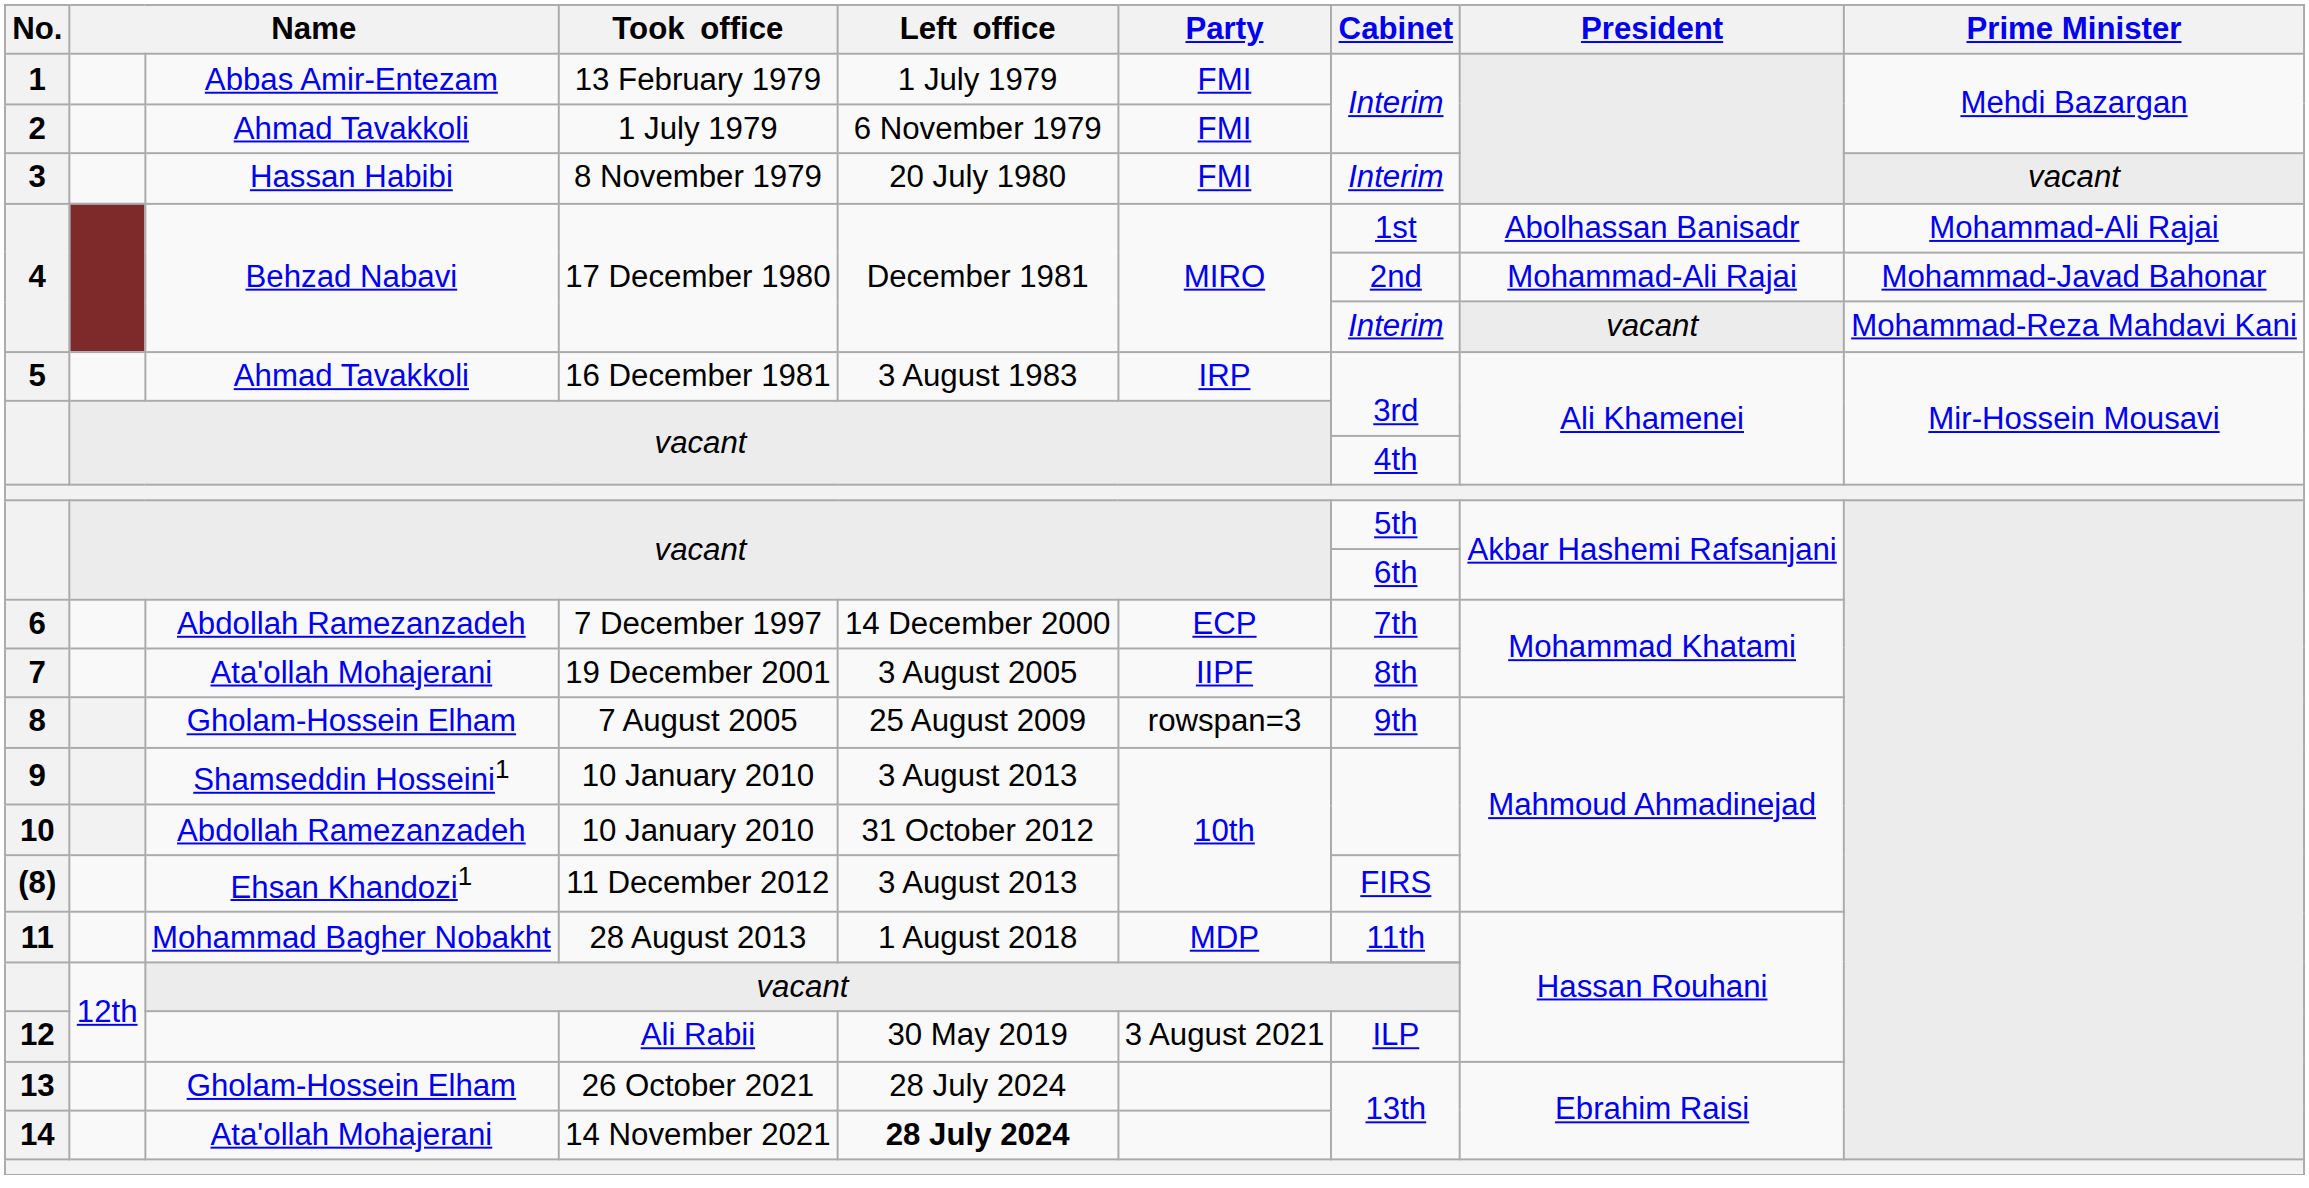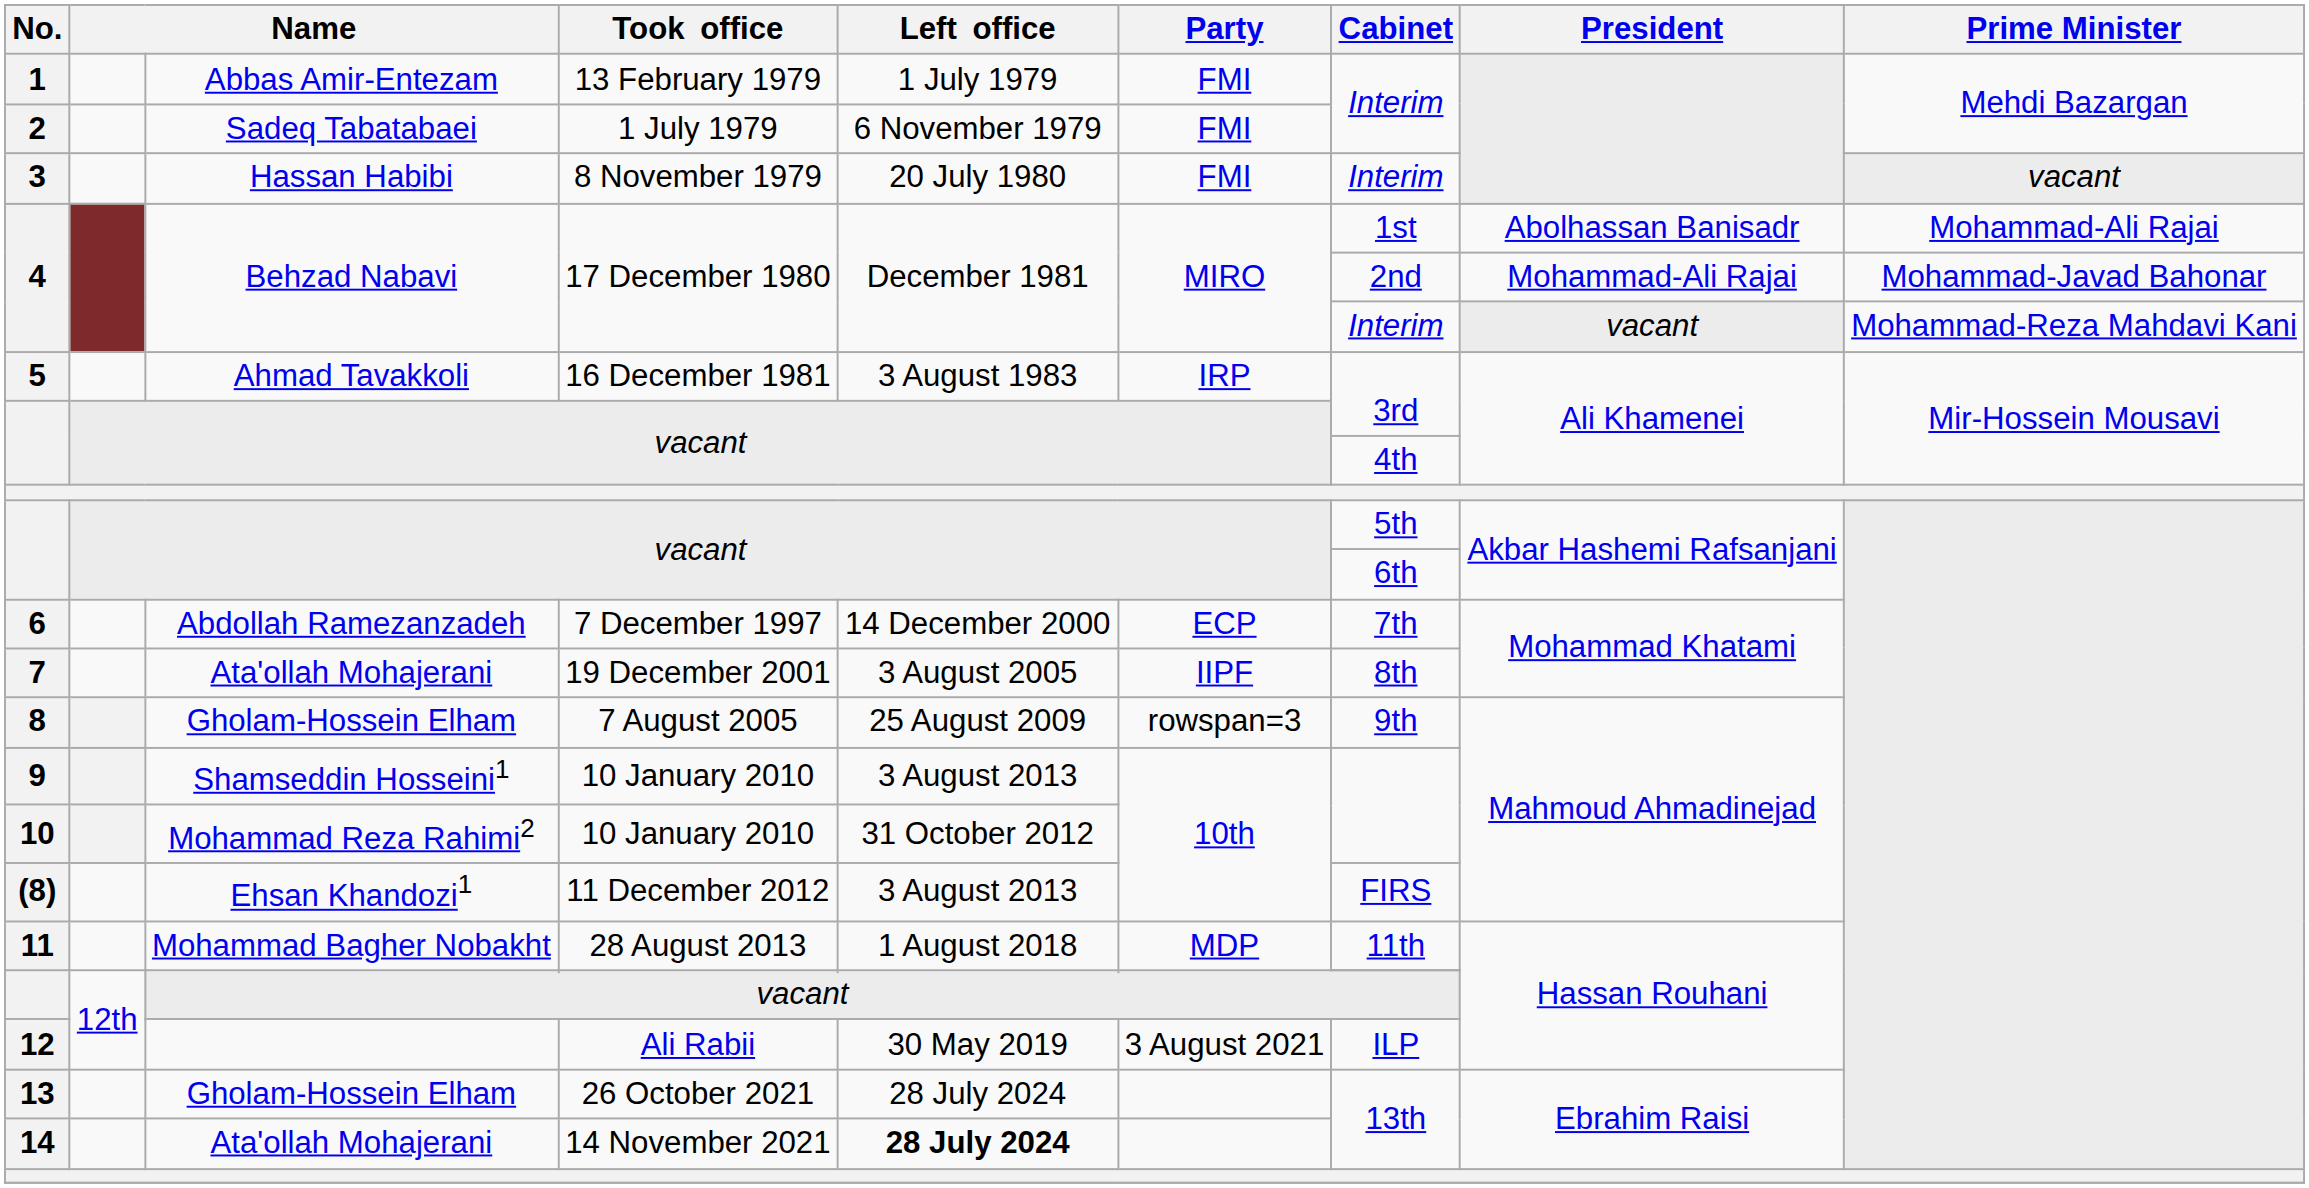 <table class="wikitable" style="text-align:center">
 <tr>
 <th>No.</th>
 <th colspan=2>Name</th>
 <th>Took office</th>
 <th>Left office</th>
 <th><a href='#'>Party</a></th>
 <th><a href='#'>Cabinet</a></th>
 <th><a href='#'>President</a></th>
 <th><a href='#'>Prime Minister</a></th>
 </tr>
 <tr>
 <th>1</th>
 <td style="background:"></td>
 <td><a href='#'>Abbas Amir-Entezam</a></td>
 <td>13 February 1979</td>
 <td>1 July 1979</td>
 <td><a href='#'>FMI</a></td>
 <td rowspan=2><a href='#'><em>Interim</em></a></td>
 <td style="background-color: #ececec" rowspan=3></td>
 <td rowspan=2><a href='#'>Mehdi Bazargan</a></td>
 </tr>
 <tr>
 <th>2</th>
 <td style="background:"></td>
-<td><a href='#'>Ahmad Tavakkoli</a></td>
+<td><a href='#'>Sadeq Tabatabaei</a></td>
 <td>1 July 1979</td>
 <td>6 November 1979</td>
 <td><a href='#'>FMI</a></td>
 </tr>
 <tr>
 <th>3</th>
 <td style="background:"></td>
 <td><a href='#'>Hassan Habibi</a></td>
 <td>8 November 1979</td>
 <td>20 July 1980</td>
 <td><a href='#'>FMI</a></td>
 <td><a href='#'><em>Interim</em></a></td>
 <td style="background-color: #ececec"><em>vacant</em></td>
 </tr>
 <tr>
 <th rowspan=3>4</th>
 <td style="background:#7e2a2a;" rowspan=3></td>
 <td rowspan=3><a href='#'>Behzad Nabavi</a></td>
 <td rowspan=3>17 December 1980</td>
 <td rowspan=3>December 1981</td>
 <td rowspan=3><a href='#'>MIRO</a></td>
 <td><a href='#'>1st</a></td>
 <td><a href='#'>Abolhassan Banisadr</a></td>
 <td><a href='#'>Mohammad-Ali Rajai</a></td>
 </tr>
 <tr>
 <td><a href='#'>2nd</a></td>
 <td><a href='#'>Mohammad-Ali Rajai</a></td>
 <td><a href='#'>Mohammad-Javad Bahonar</a></td>
 </tr>
 <tr>
 <td><a href='#'><em>Interim</em></a></td>
 <td style="background-color: #ececec"><em>vacant</em></td>
 <td><a href='#'>Mohammad-Reza Mahdavi Kani</a></td>
 </tr>
 <tr>
 <th>5</th>
 <td style="background:"></td>
 <td><a href='#'>Ahmad Tavakkoli</a></td>
 <td>16 December 1981</td>
 <td>3 August 1983</td>
 <td><a href='#'>IRP</a></td>
 <td rowspan=2><a href='#'><br>3rd</a></td>
 <td rowspan=3><a href='#'>Ali Khamenei</a></td>
 <td rowspan=3><a href='#'>Mir-Hossein Mousavi</a></td>
 </tr>
 <tr>
 <th rowspan=2></th>
 <td style="background-color: #ececec" rowspan=2 colspan=5><em>vacant</em></td>
 </tr>
 <tr>
 <td><a href='#'>4th</a></td>
 </tr>
 <tr>
 <th colspan=9></th>
 </tr>
 <tr>
 <th rowspan=2></th>
 <td style="background-color: #ececec" rowspan=2 colspan=5><em>vacant</em></td>
 <td><a href='#'>5th</a></td>
 <td rowspan=2><a href='#'>Akbar Hashemi Rafsanjani</a></td>
 <td style="background-color: #ececec" rowspan=14></td>
 </tr>
 <tr>
 <td><a href='#'>6th</a></td>
 </tr>
 <tr>
 <th>6</th>
 <td style="background:"></td>
 <td><a href='#'>Abdollah Ramezanzadeh</a></td>
 <td>7 December 1997</td>
 <td>14 December 2000</td>
 <td><a href='#'>ECP</a></td>
 <td><a href='#'>7th</a></td>
 <td rowspan=2><a href='#'>Mohammad Khatami</a></td>
 </tr>
 <tr>
 <th>7</th>
 <td style="background:"></td>
 <td><a href='#'>Ata'ollah Mohajerani</a></td>
 <td>19 December 2001</td>
 <td>3 August 2005</td>
 <td><a href='#'>IIPF</a></td>
 <td><a href='#'>8th</a></td>
 </tr>
 <tr>
 <th>8</th>
 <th></th>
 <td><a href='#'>Gholam-Hossein Elham</a></td>
 <td>7 August 2005</td>
 <td>25 August 2009</td>
 <td>rowspan=3 </td>
 <td><a href='#'>9th</a></td>
 <td rowspan=4><a href='#'>Mahmoud Ahmadinejad</a></td>
 </tr>
 <tr>
 <th>9</th>
 <th></th>
 <td><a href='#'>Shamseddin Hosseini</a><sup>1</sup></td>
 <td>10 January 2010</td>
 <td>3 August 2013</td>
 <td rowspan=3><a href='#'>10th</a></td>
 </tr>
 <tr>
 <th>10</th>
 <th></th>
-<td><a href='#'>Abdollah Ramezanzadeh</a></td>
+<td><a href='#'>Mohammad Reza Rahimi</a><sup>2</sup></td>
 <td>10 January 2010</td>
 <td>31 October 2012</td>
 </tr>
 <tr>
 <th>(8)</th>
 <td style="background:"></td>
 <td><a href='#'>Ehsan Khandozi</a><sup>1</sup></td>
 <td>11 December 2012</td>
 <td>3 August 2013</td>
 <td><a href='#'>FIRS</a></td>
 </tr>
 <tr>
 <th rowspan=2>11</th>
 <td style="background:"></td>
 <td rowspan=2><a href='#'>Mohammad Bagher Nobakht</a></td>
 <td rowspan=2>28 August 2013</td>
 <td rowspan=2>1 August 2018</td>
 <td rowspan=2><a href='#'>MDP</a></td>
 <td><a href='#'>11th</a></td>
 <td rowspan=4><a href='#'>Hassan Rouhani</a></td>
 </tr>
 <tr>
 <td rowspan=3><a href='#'>12th</a></td>
 </tr>
 <tr>
 <th rowspan=1></th>
 <td style="background-color: #ececec" rowspan=1 colspan=5><em>vacant</em></td>
 </tr>
 <tr>
 <th>12</th>
 <td style="background:"></td>
 <td><a href='#'>Ali Rabii</a></td>
 <td>30 May 2019</td>
 <td>3 August 2021</td>
 <td><a href='#'>ILP</a></td>
 </tr>
 <tr>
 <th>13</th>
 <td></td>
 <td><a href='#'>Gholam-Hossein Elham</a></td>
 <td>26 October 2021</td>
 <td>28 July 2024</td>
 <td></td>
 <td rowspan=2><a href='#'>13th</a></td>
 <td rowspan=2><a href='#'>Ebrahim Raisi</a></td>
 </tr>
 <tr>
 <th>14</th>
 <td></td>
 <td><a href='#'>Ata'ollah Mohajerani</a></td>
 <td>14 November 2021</td>
 <td><strong>28 July 2024</strong></td>
 <td></td>
 </tr>
 <tr>
 <th style="font-weight:normal" colspan=9></th>
 </tr>
 <tr>
 </tr>
 </table>
